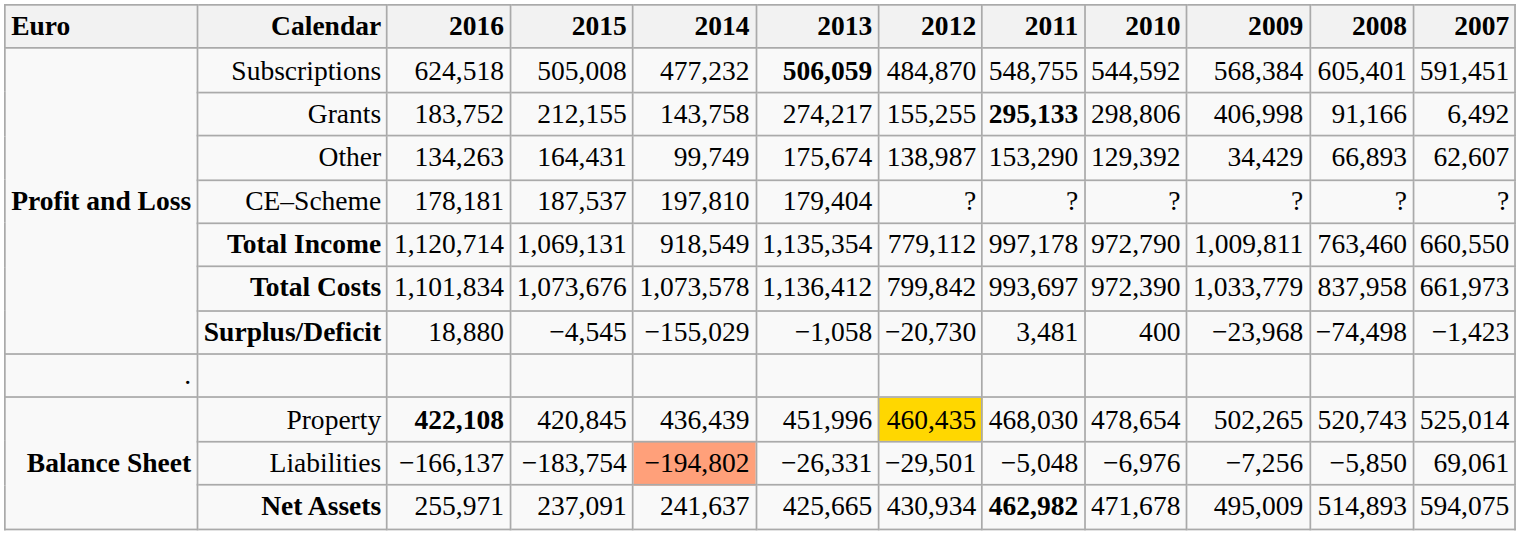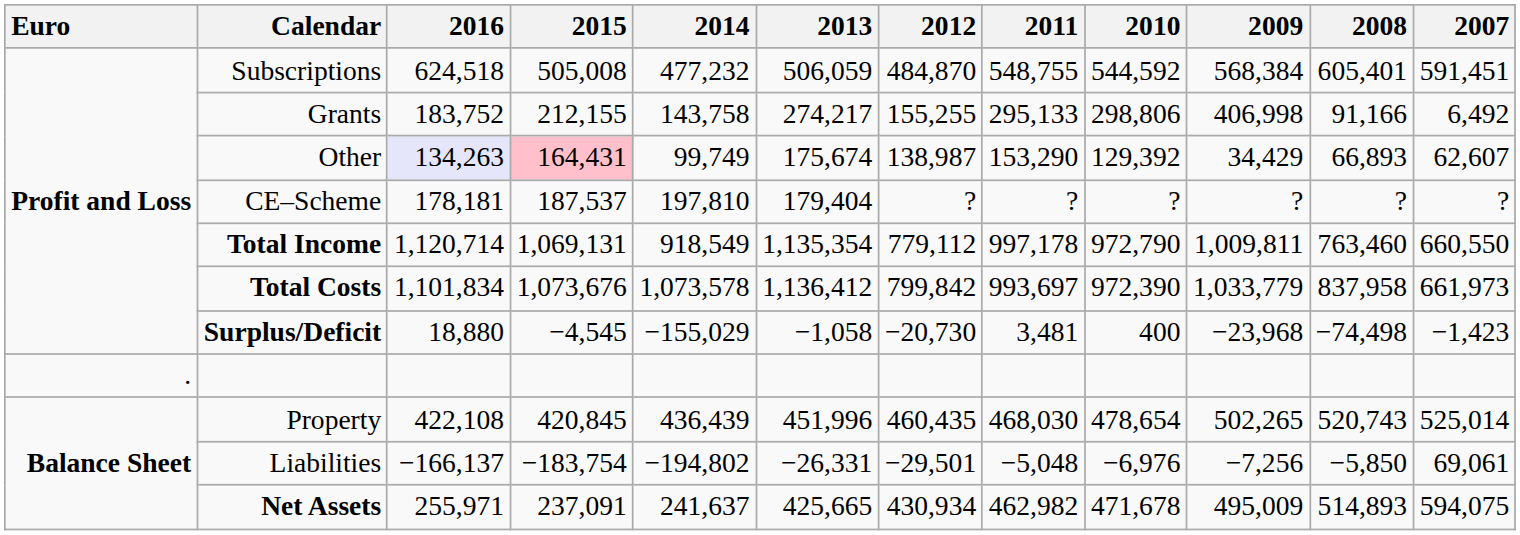 <table class="wikitable" style="text-align:right">
 <tr>
 <th style="text-align:left">Euro</th>
 <th style="text-align:right">Calendar</th>
 <th style="text-align:right">2016</th>
 <th style="text-align:right">2015</th>
 <th style="text-align:right">2014</th>
 <th style="text-align:right">2013</th>
 <th style="text-align:right">2012</th>
 <th style="text-align:right">2011</th>
 <th style="text-align:right">2010</th>
 <th style="text-align:right">2009</th>
 <th style="text-align:right">2008</th>
 <th style="text-align:right">2007</th>
 </tr>
 <tr>
 <td rowspan="7"><strong>Profit and Loss</strong></td>
 <td>Subscriptions</td>
 <td>624,518</td>
 <td>505,008</td>
 <td>477,232</td>
-<td><strong>506,059</strong></td>
+<td>506,059</td>
 <td>484,870</td>
 <td>548,755</td>
 <td>544,592</td>
 <td>568,384</td>
 <td>605,401</td>
 <td>591,451</td>
 </tr>
 <tr>
 <td>Grants</td>
 <td>183,752</td>
 <td>212,155</td>
 <td>143,758</td>
 <td>274,217</td>
 <td>155,255</td>
-<td><strong>295,133</strong></td>
+<td>295,133</td>
 <td>298,806</td>
 <td>406,998</td>
 <td>91,166</td>
 <td>6,492</td>
 </tr>
 <tr>
 <td>Other</td>
-<td>134,263</td>
-<td>164,431</td>
+<td style="background: lavender;">134,263</td>
+<td style="background: pink;">164,431</td>
 <td>99,749</td>
 <td>175,674</td>
 <td>138,987</td>
 <td>153,290</td>
 <td>129,392</td>
 <td>34,429</td>
 <td>66,893</td>
 <td>62,607</td>
 </tr>
 <tr>
 <td>CE–Scheme</td>
 <td>178,181</td>
 <td>187,537</td>
 <td>197,810</td>
 <td>179,404</td>
 <td>?</td>
 <td>?</td>
 <td>?</td>
 <td>?</td>
 <td>?</td>
 <td>?</td>
 </tr>
 <tr>
 <td><strong>Total Income</strong></td>
 <td>1,120,714</td>
 <td>1,069,131</td>
 <td>918,549</td>
 <td>1,135,354</td>
 <td>779,112</td>
 <td>997,178</td>
 <td>972,790</td>
 <td>1,009,811</td>
 <td>763,460</td>
 <td>660,550</td>
 </tr>
 <tr>
 <td><strong>Total Costs</strong></td>
 <td>1,101,834</td>
 <td>1,073,676</td>
 <td>1,073,578</td>
 <td>1,136,412</td>
 <td>799,842</td>
 <td>993,697</td>
 <td>972,390</td>
 <td>1,033,779</td>
 <td>837,958</td>
 <td>661,973</td>
 </tr>
 <tr>
 <td><strong>Surplus/Deficit</strong></td>
 <td>18,880</td>
 <td>−4,545</td>
 <td>−155,029</td>
 <td>−1,058</td>
 <td>−20,730</td>
 <td>3,481</td>
 <td>400</td>
 <td>−23,968</td>
 <td>−74,498</td>
 <td>−1,423</td>
 </tr>
 <tr>
 <td>.</td>
 <td></td>
 <td></td>
 <td></td>
 <td></td>
 <td></td>
 <td></td>
 <td></td>
 <td></td>
 <td></td>
 <td></td>
 <td></td>
 </tr>
 <tr>
 <td rowspan="3"><strong>Balance Sheet</strong></td>
 <td>Property</td>
-<td><strong>422,108</strong></td>
+<td>422,108</td>
 <td>420,845</td>
 <td>436,439</td>
 <td>451,996</td>
-<td style="background: gold;">460,435</td>
+<td>460,435</td>
 <td>468,030</td>
 <td>478,654</td>
 <td>502,265</td>
 <td>520,743</td>
 <td>525,014</td>
 </tr>
 <tr>
 <td>Liabilities</td>
 <td>−166,137</td>
 <td>−183,754</td>
-<td style="background: lightsalmon;">−194,802</td>
+<td>−194,802</td>
 <td>−26,331</td>
 <td>−29,501</td>
 <td>−5,048</td>
 <td>−6,976</td>
 <td>−7,256</td>
 <td>−5,850</td>
 <td>69,061</td>
 </tr>
 <tr>
 <td><strong>Net Assets</strong></td>
 <td>255,971</td>
 <td>237,091</td>
 <td>241,637</td>
 <td>425,665</td>
 <td>430,934</td>
-<td><strong>462,982</strong></td>
+<td>462,982</td>
 <td>471,678</td>
 <td>495,009</td>
 <td>514,893</td>
 <td>594,075</td>
 </tr>
 </table>
